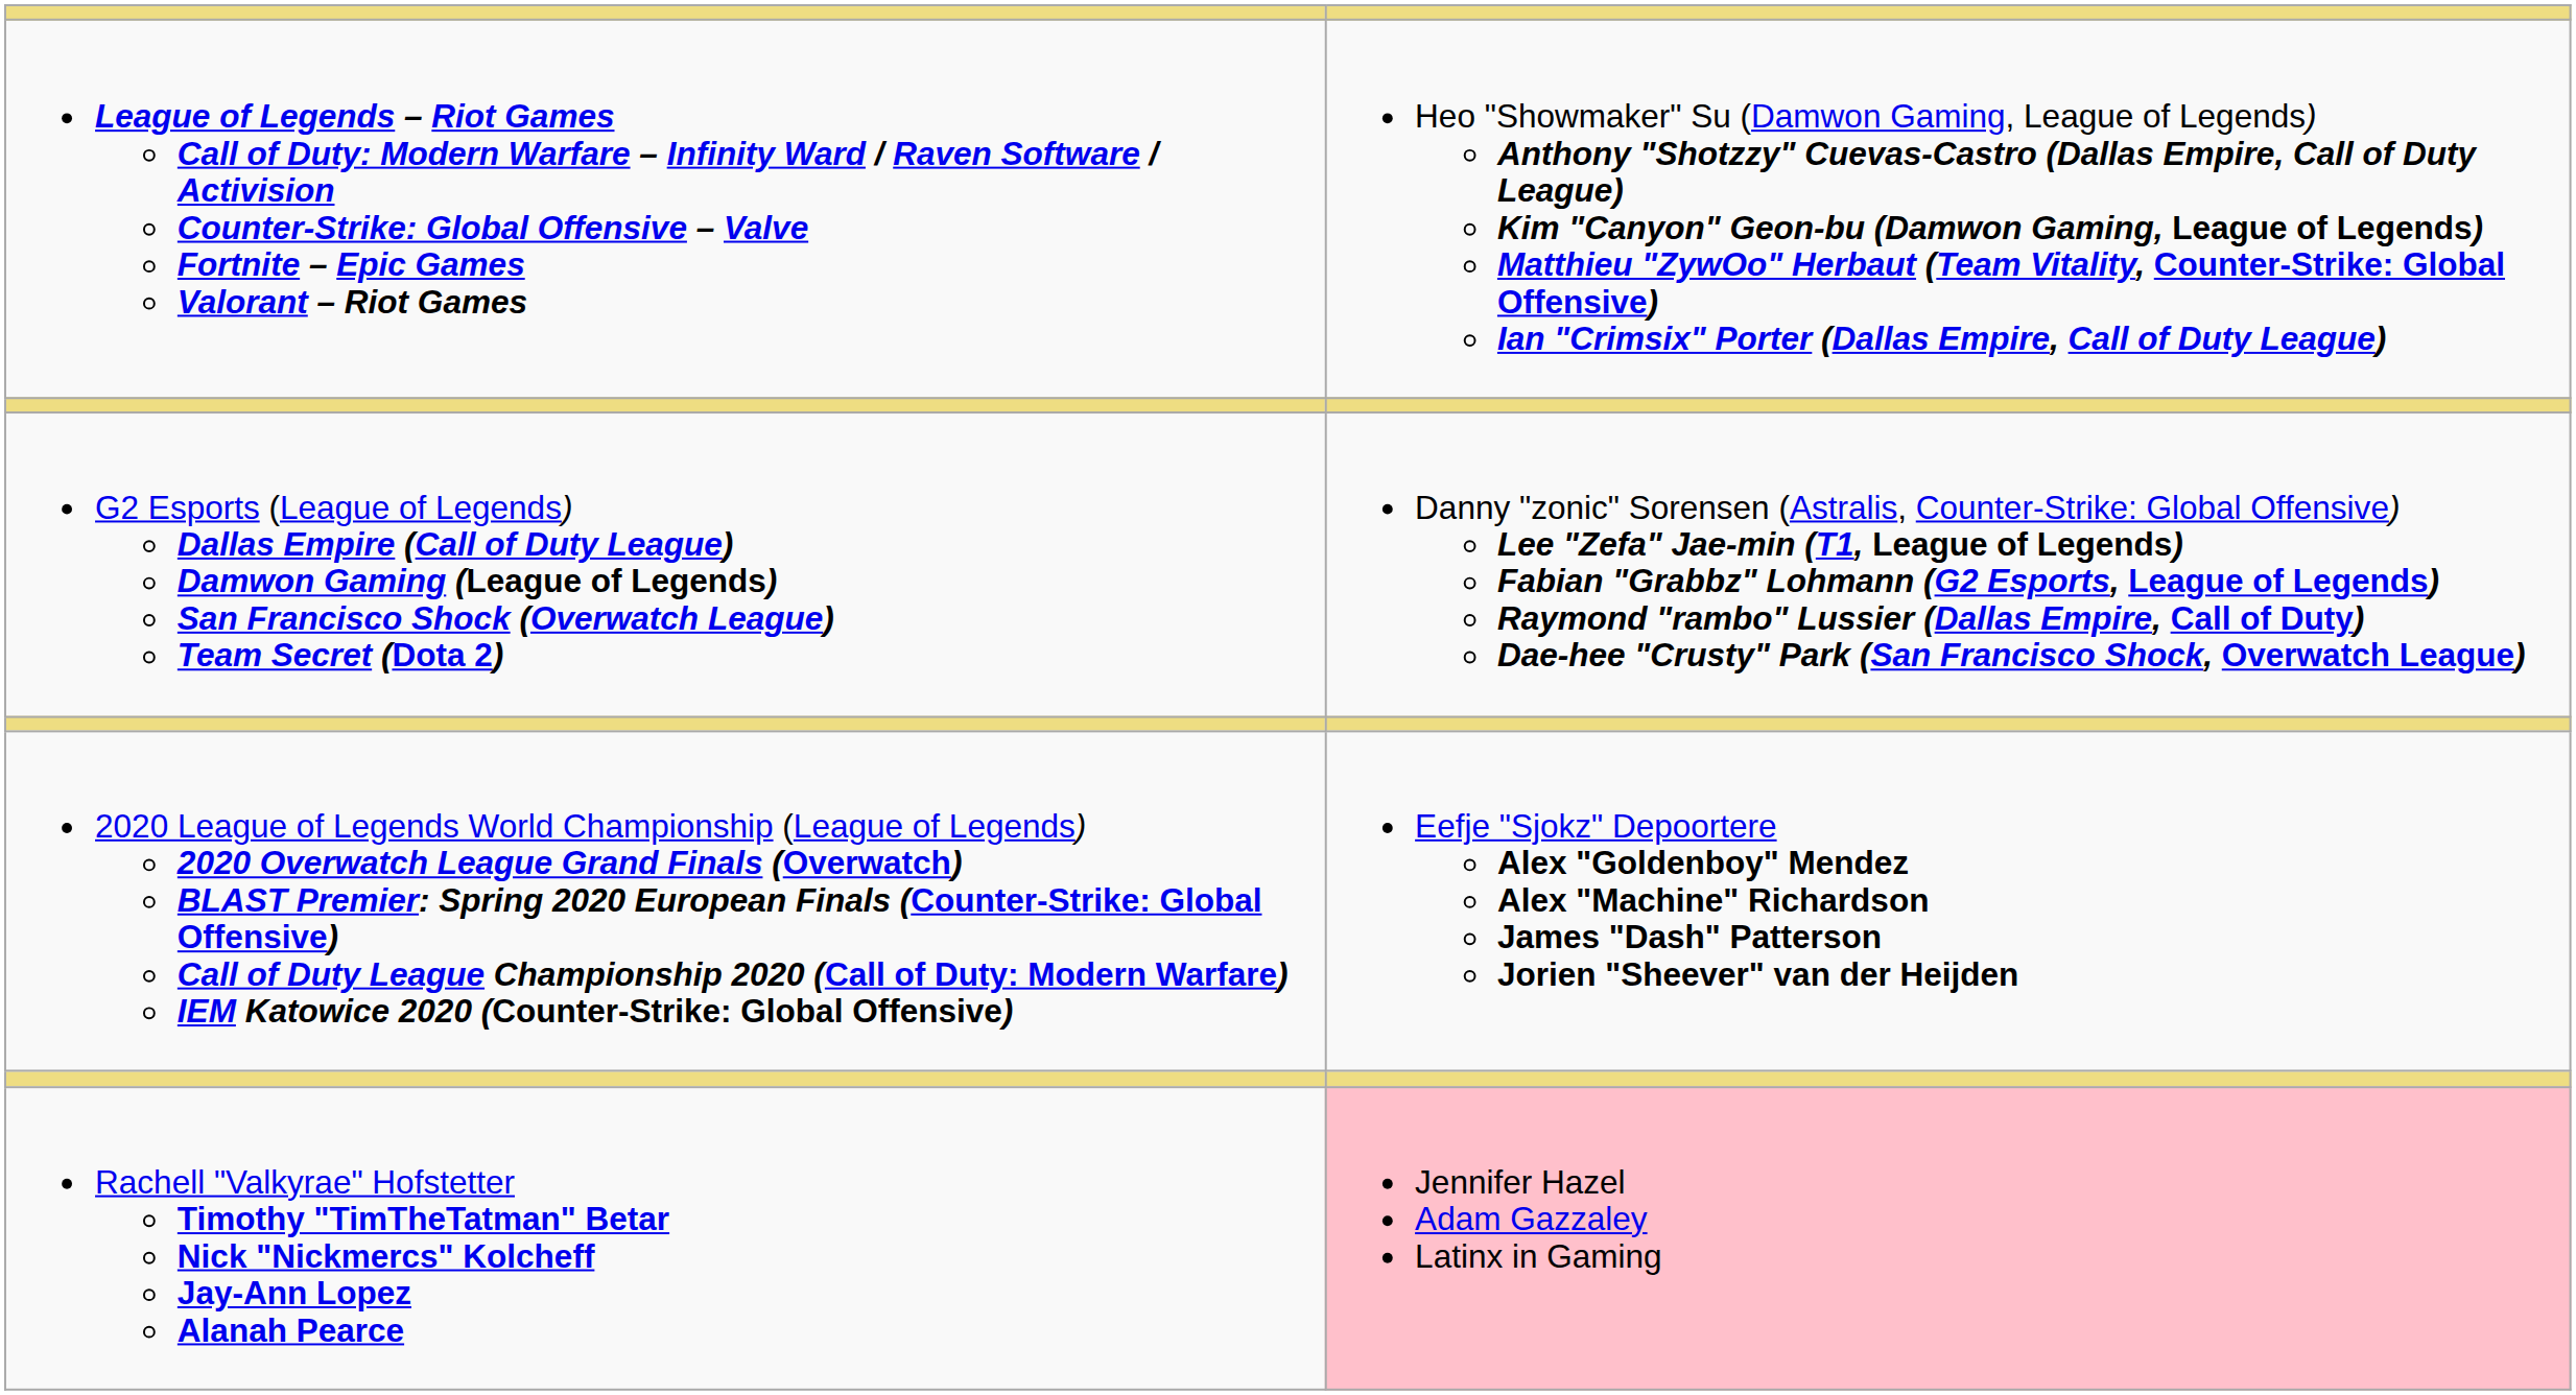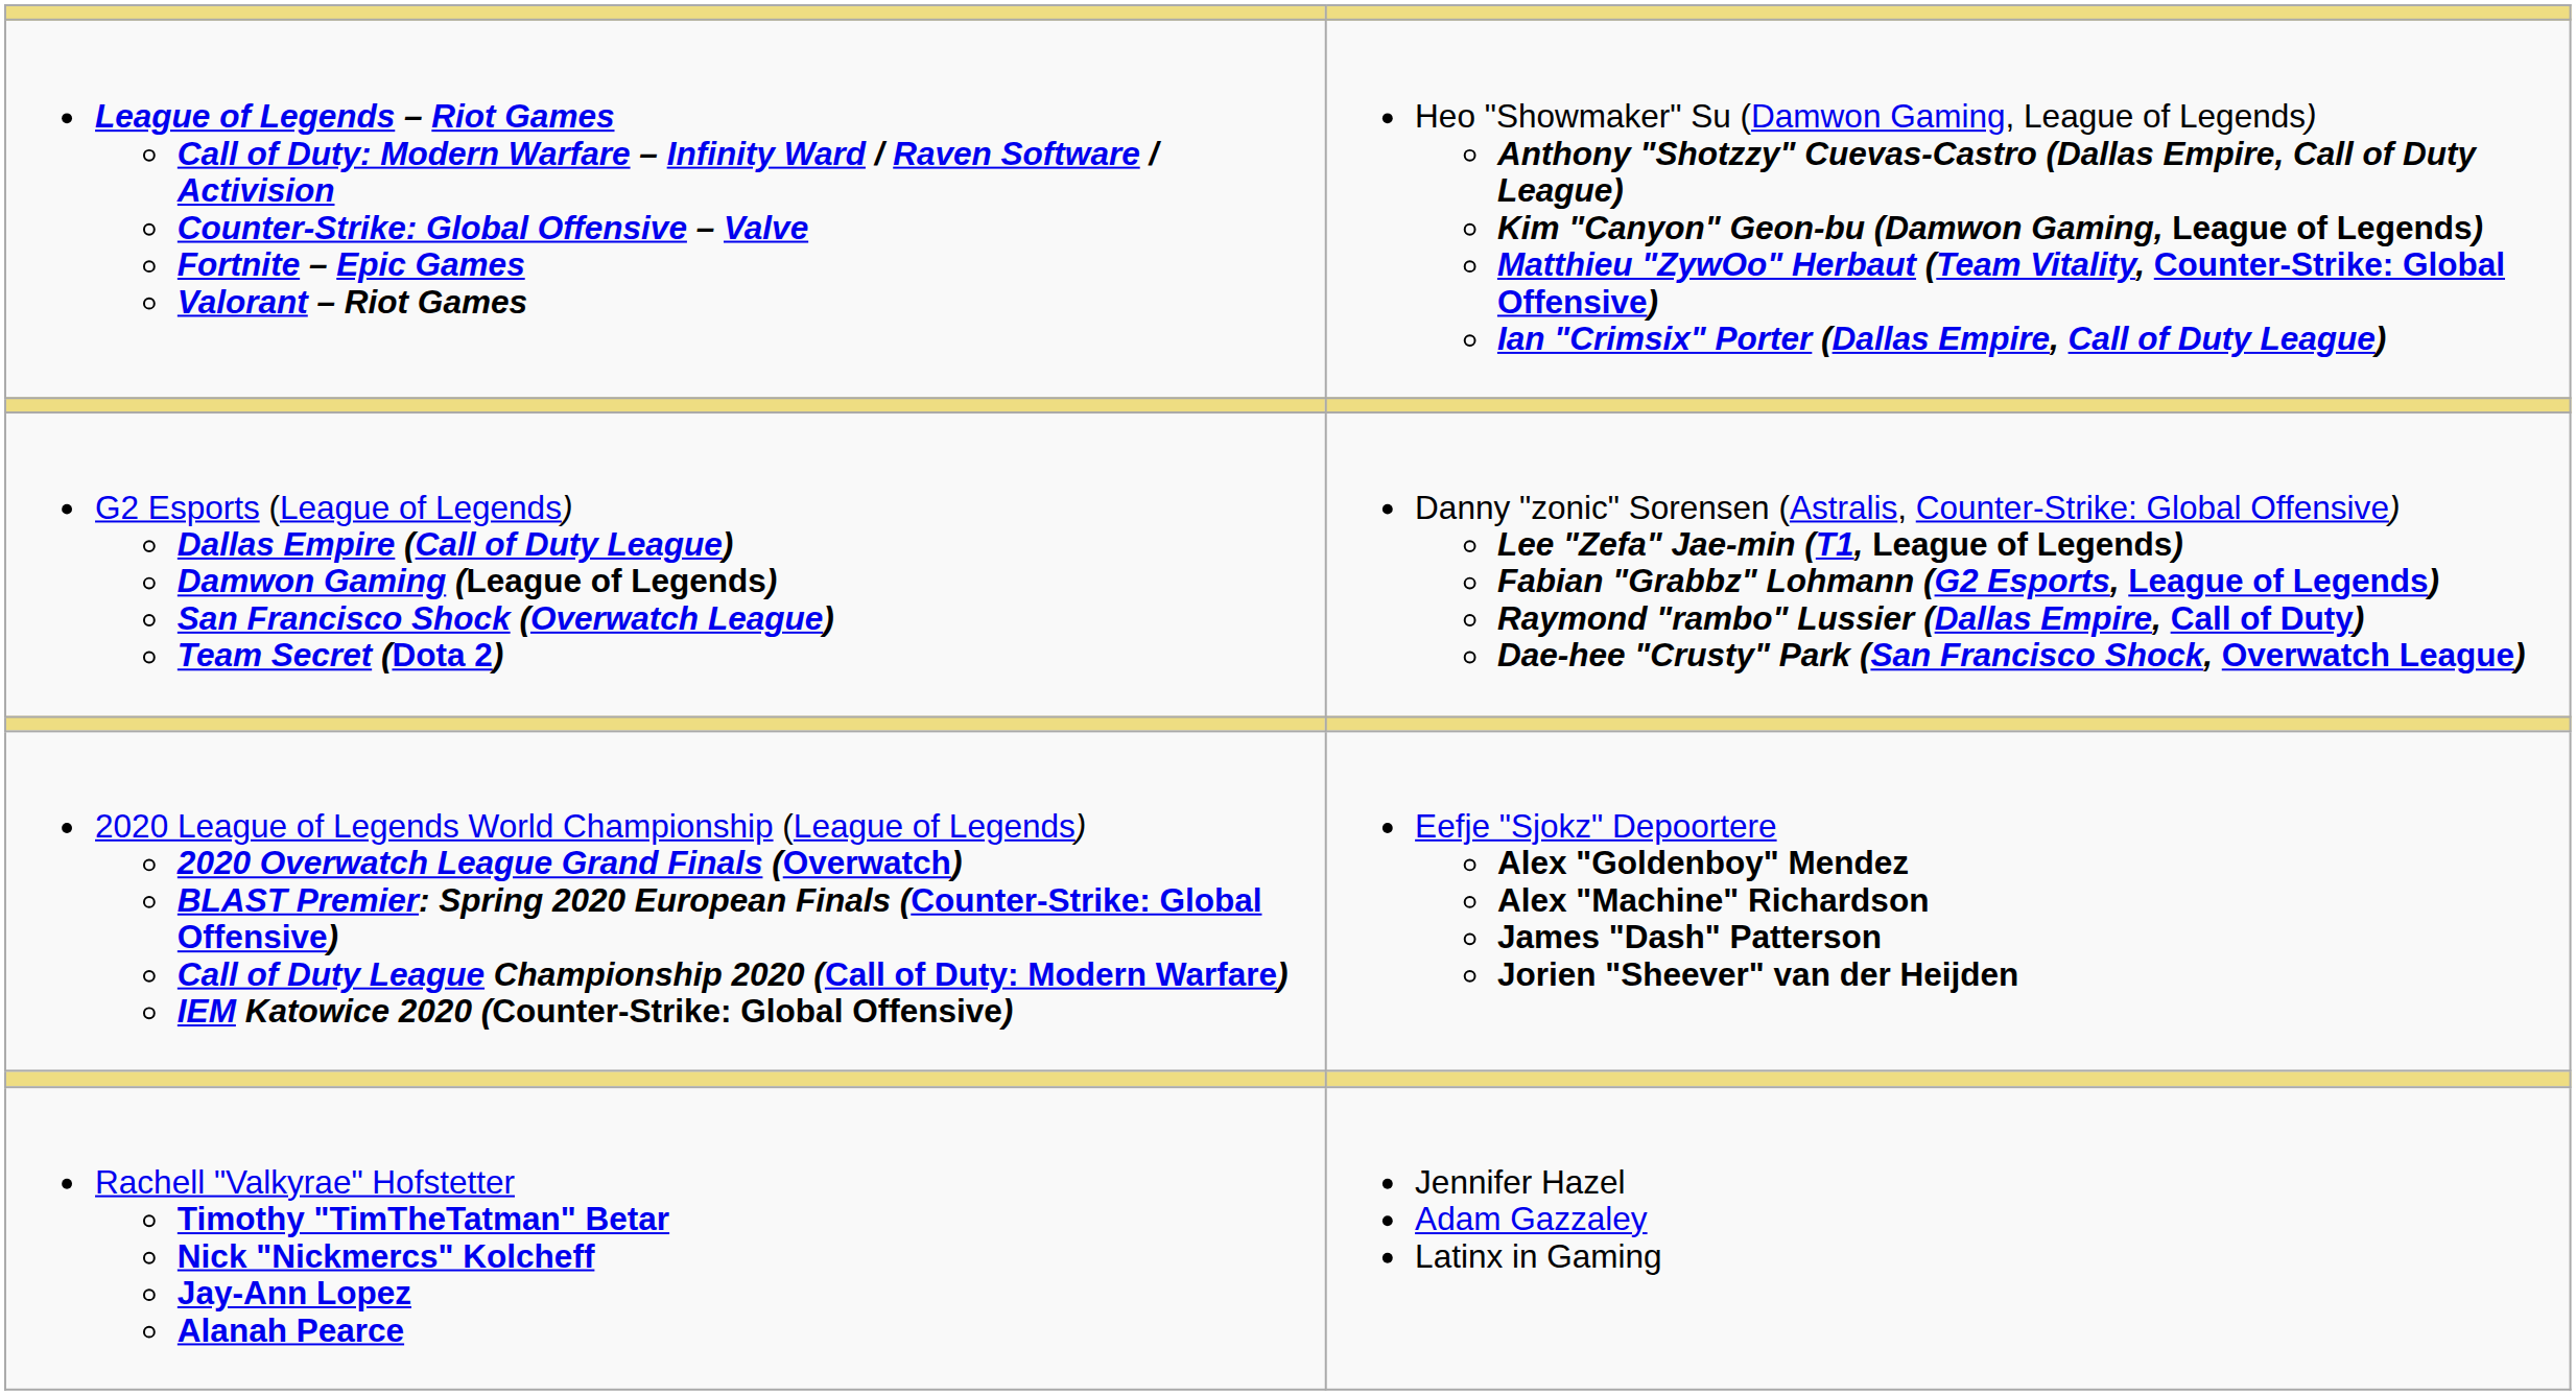 <table class=wikitable>
 <tr>
 <th style="background:#eedd82"></th>
 <th style="background:#eedd82"></th>
 </tr>
 <tr>
 <td valign="top"><br><ul><li><strong><em><a href='#'>League of Legends</a><em> – <a href='#'>Riot Games</a><strong><ul><li></em><a href='#'>Call of Duty: Modern Warfare</a><em> – <a href='#'>Infinity Ward</a> / <a href='#'>Raven Software</a> / <a href='#'>Activision</a></li><li></em><a href='#'>Counter-Strike: Global Offensive</a><em> – <a href='#'>Valve</a></li><li></em><a href='#'>Fortnite</a><em> – <a href='#'>Epic Games</a></li><li></em><a href='#'>Valorant</a><em> – Riot Games</li></ul></li></ul></td>
 <td valign="top"><br><ul><li></strong>Heo "Showmaker" Su (<a href='#'>Damwon Gaming</a>, </em>League of Legends<em>)<strong><ul><li>Anthony "Shotzzy" Cuevas-Castro (Dallas Empire, Call of Duty League)</li><li>Kim "Canyon" Geon-bu (Damwon Gaming, </em>League of Legends<em>)</li><li><a href='#'>Matthieu "ZywOo" Herbaut</a> (<a href='#'>Team Vitality</a>, </em><a href='#'>Counter-Strike: Global Offensive</a><em>)</li><li><a href='#'>Ian "Crimsix" Porter</a> (<a href='#'>Dallas Empire</a>, <a href='#'>Call of Duty League</a>)</li></ul></li></ul></td>
 </tr>
 <tr>
 <th style="background:#eedd82"></th>
 <th style="background:#eedd82"></th>
 </tr>
 <tr>
 <td valign="top"><br><ul><li></strong><a href='#'>G2 Esports</a>  (</em><a href='#'>League of Legends</a><em>)<strong><ul><li><a href='#'>Dallas Empire</a> (<a href='#'>Call of Duty League</a>)</li><li><a href='#'>Damwon Gaming</a> (</em>League of Legends<em>)</li><li><a href='#'>San Francisco Shock</a> (<a href='#'>Overwatch League</a>)</li><li><a href='#'>Team Secret</a> (</em><a href='#'>Dota 2</a><em>)</li></ul></li></ul></td>
 <td valign="top"><br><ul><li></strong>Danny "zonic" Sorensen (<a href='#'>Astralis</a>, </em><a href='#'>Counter-Strike: Global Offensive</a><em>)<strong><ul><li>Lee "Zefa" Jae-min (<a href='#'>T1</a>, </em>League of Legends<em>)</li><li>Fabian "Grabbz" Lohmann (<a href='#'>G2 Esports</a>, </em><a href='#'>League of Legends</a><em>)</li><li>Raymond "rambo" Lussier (<a href='#'>Dallas Empire</a>, </em><a href='#'>Call of Duty</a><em>)</li><li>Dae-hee "Crusty" Park (<a href='#'>San Francisco Shock</a>, </em><a href='#'>Overwatch League</a><em>)</li></ul></li></ul></td>
 </tr>
 <tr>
 <th style="background:#eedd82"></th>
 <th style="background:#eedd82"></th>
 </tr>
 <tr>
 <td valign="top"><br><ul><li></strong><a href='#'>2020 League of Legends World Championship</a>  (</em><a href='#'>League of Legends</a><em>)<strong><ul><li><a href='#'>2020 Overwatch League Grand Finals</a> (</em><a href='#'>Overwatch</a><em>)</li><li><a href='#'>BLAST Premier</a>: Spring 2020 European Finals (</em><a href='#'>Counter-Strike: Global Offensive</a><em>)</li><li><a href='#'>Call of Duty League</a> Championship 2020 (</em><a href='#'>Call of Duty: Modern Warfare</a><em>)</li><li><a href='#'>IEM</a> Katowice 2020 (</em>Counter-Strike: Global Offensive<em>)</li></ul></li></ul></td>
 <td valign="top"><br><ul><li></strong><a href='#'>Eefje "Sjokz" Depoortere</a><strong><ul><li>Alex "Goldenboy" Mendez</li><li>Alex "Machine" Richardson</li><li>James "Dash" Patterson</li><li>Jorien "Sheever" van der Heijden</li></ul></li></ul></td>
 </tr>
 <tr>
 <th style="background:#eedd82"></th>
 <th style="background:#eedd82"></th>
 </tr>
 <tr>
 <td valign="top"><br><ul><li></strong><a href='#'>Rachell "Valkyrae" Hofstetter</a><strong><ul><li><a href='#'>Timothy "TimTheTatman" Betar</a></li><li><a href='#'>Nick "Nickmercs" Kolcheff</a></li><li><a href='#'>Jay-Ann Lopez</a></li><li><a href='#'>Alanah Pearce</a></li></ul></li></ul></td>
-<td valign="top" style="background: pink;"><br><ul><li>Jennifer Hazel</li><li><a href='#'>Adam Gazzaley</a></li><li>Latinx in Gaming</li></ul></td>
+<td valign="top"><br><ul><li>Jennifer Hazel</li><li><a href='#'>Adam Gazzaley</a></li><li>Latinx in Gaming</li></ul></td>
 </tr>
 </table>
